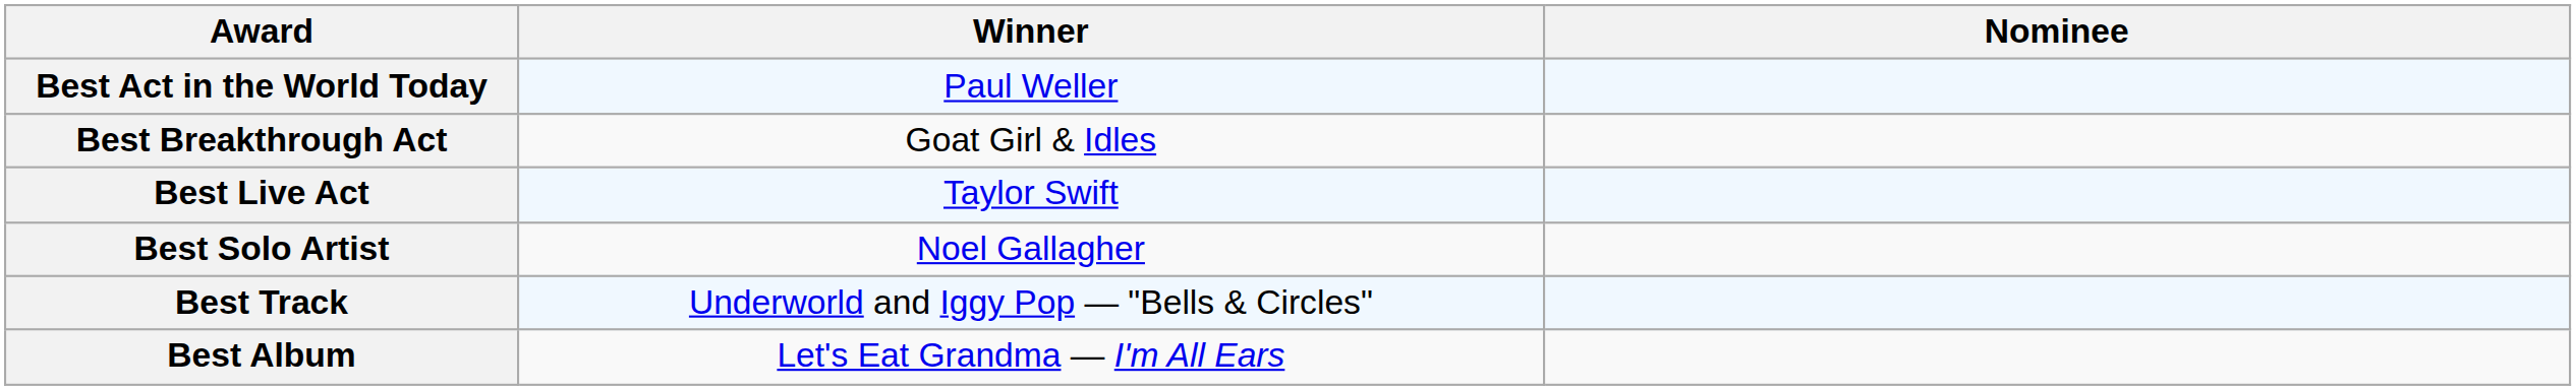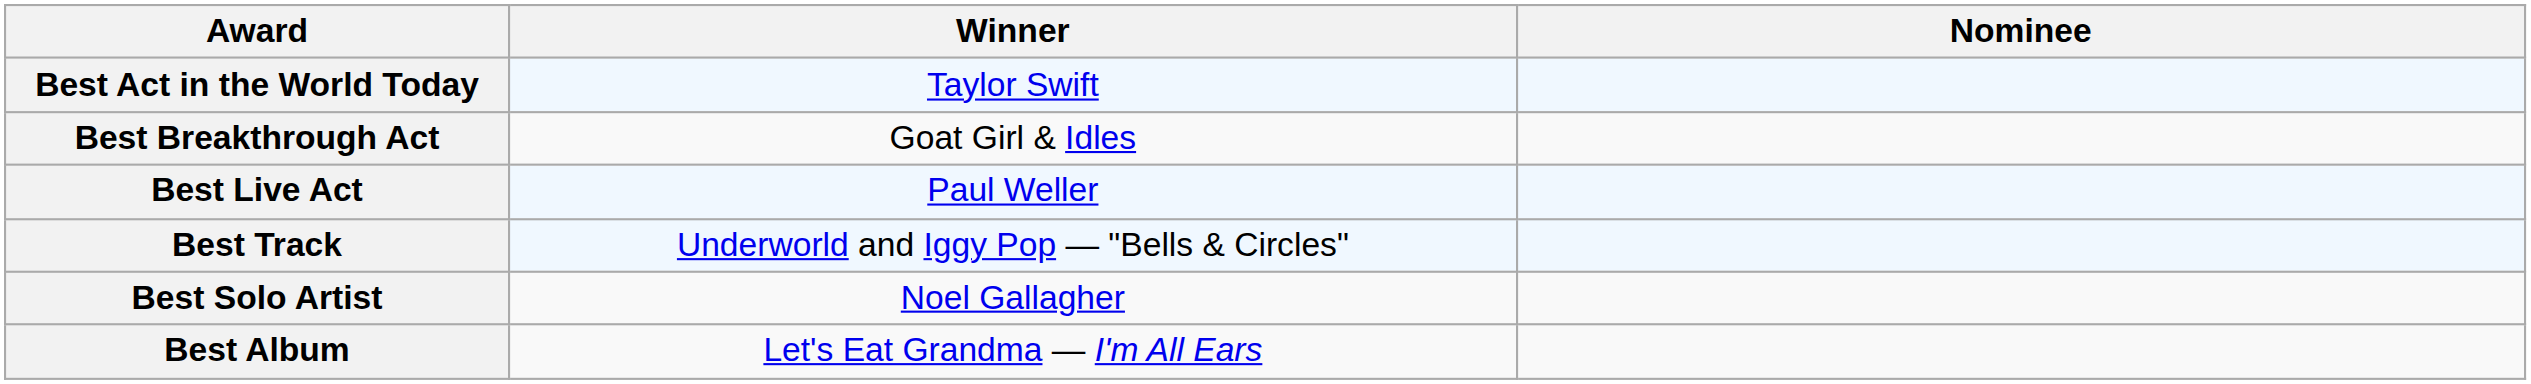 <table class="wikitable" rowspan=2 style="text-align: center; width:95%;">
 <tr>
 <th scope="col" style="width:10%;">Award</th>
 <th scope="col" style="width:20%;">Winner</th>
 <th scope="col" style="width:20%;">Nominee</th>
 </tr>
 <tr>
 <th scope="row" style="text-align:center">Best Act in the World Today</th>
-<td style="background:#F0F8FF"><a href='#'>Paul Weller</a></td>
+<td style="background:#F0F8FF"><a href='#'>Taylor Swift</a></td>
 <td style="background:#F0F8FF; font-size: 85%;"></td>
 </tr>
 <tr>
 <th scope="row" style="text-align:center">Best Breakthrough Act</th>
 <td>Goat Girl & <a href='#'>Idles</a></td>
 <td style="font-size: 85%;"></td>
 </tr>
 <tr>
 <th scope="row" style="text-align:center">Best Live Act</th>
-<td style="background:#F0F8FF"><a href='#'>Taylor Swift</a></td>
+<td style="background:#F0F8FF"><a href='#'>Paul Weller</a></td>
+<td style="background:#F0F8FF; font-size: 85%;"></td>
+</tr>
+<tr>
+<th scope="row" style="text-align:center">Best Track</th>
+<td style="background:#F0F8FF;"><a href='#'>Underworld</a> and <a href='#'>Iggy Pop</a> — "Bells & Circles"</td>
 <td style="background:#F0F8FF; font-size: 85%;"></td>
 </tr>
 <tr>
 <th scope="row" style="text-align:center">Best Solo Artist</th>
 <td><a href='#'>Noel Gallagher</a></td>
 <td style="font-size: 85%;"><br></td>
 </tr>
 <tr>
-<th scope="row" style="text-align:center">Best Track</th>
-<td style="background:#F0F8FF;"><a href='#'>Underworld</a> and <a href='#'>Iggy Pop</a> — "Bells & Circles"</td>
-<td style="background:#F0F8FF; font-size: 85%;"></td>
-</tr>
-<tr>
 <th scope="row" style="text-align:center">Best Album</th>
 <td><a href='#'>Let's Eat Grandma</a> — <em><a href='#'>I'm All Ears</a></em></td>
 <td style="font-size: 85%;"></td>
 </tr>
 </table>
